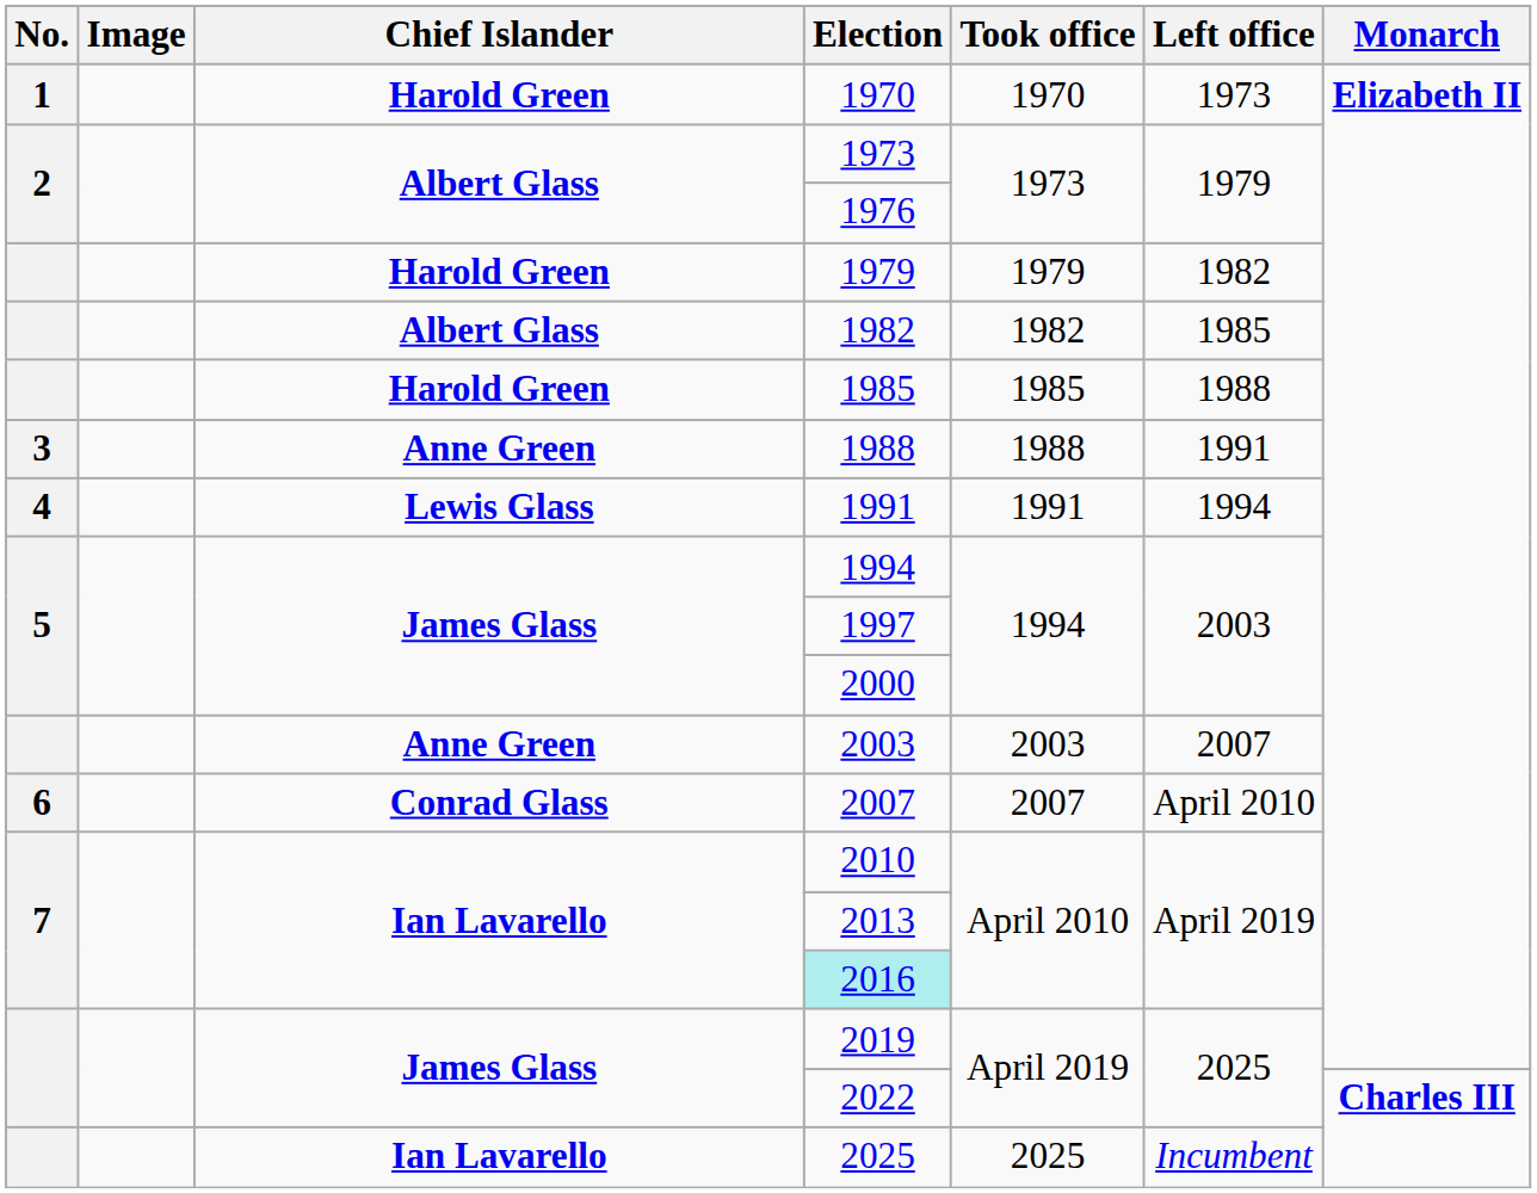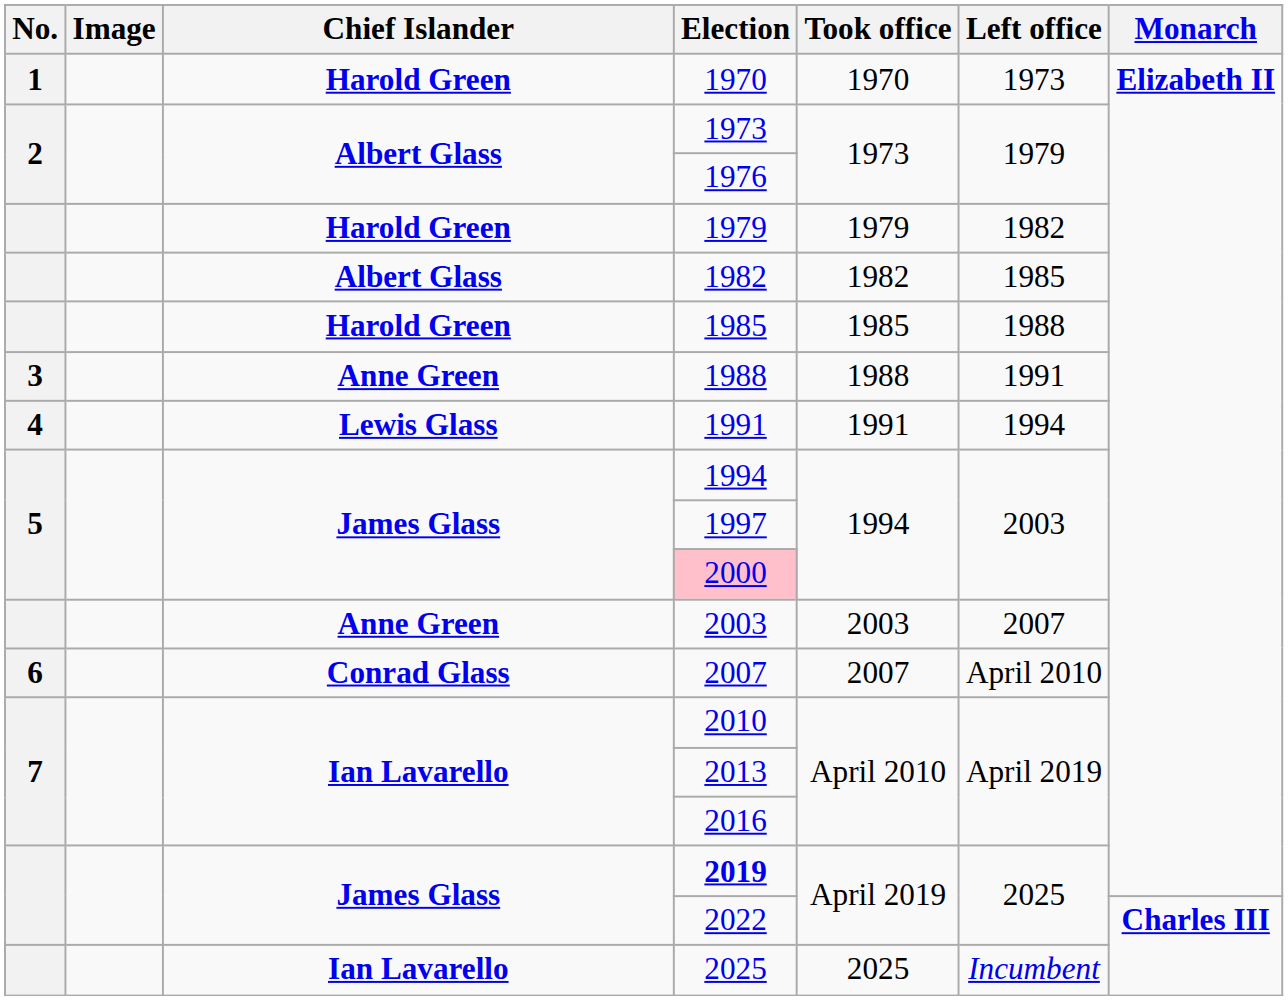 <table class="wikitable" style="text-align:center;">
 <tr>
 <th>No.</th>
 <th>Image</th>
 <th style="width:40%;">Chief Islander</th>
 <th>Election</th>
 <th>Took office</th>
 <th>Left office</th>
 <th><a href='#'>Monarch</a></th>
 </tr>
 <tr>
 <th>1</th>
 <td></td>
 <td><strong><a href='#'>Harold Green</a></strong><br></td>
 <td><a href='#'>1970</a></td>
 <td>1970</td>
 <td>1973</td>
 <td rowspan="17" style="vertical-align:top;"><strong><a href='#'>Elizabeth II</a></strong></td>
 </tr>
 <tr>
 <th rowspan="2">2</th>
 <td rowspan="2"></td>
 <td rowspan="2"><strong><a href='#'>Albert Glass</a></strong><br></td>
 <td><a href='#'>1973</a></td>
 <td rowspan="2">1973</td>
 <td rowspan="2">1979</td>
 </tr>
 <tr>
 <td><a href='#'>1976</a></td>
 </tr>
 <tr>
 <th></th>
 <td></td>
 <td><strong><a href='#'>Harold Green</a></strong><br></td>
 <td><a href='#'>1979</a></td>
 <td>1979</td>
 <td>1982</td>
 </tr>
 <tr>
 <th></th>
 <td></td>
 <td><strong><a href='#'>Albert Glass</a></strong><br></td>
 <td><a href='#'>1982</a></td>
 <td>1982</td>
 <td>1985</td>
 </tr>
 <tr>
 <th></th>
 <td></td>
 <td><strong><a href='#'>Harold Green</a></strong><br></td>
 <td><a href='#'>1985</a></td>
 <td>1985</td>
 <td>1988</td>
 </tr>
 <tr>
 <th>3</th>
 <td></td>
 <td><strong><a href='#'>Anne Green</a></strong><br></td>
 <td><a href='#'>1988</a></td>
 <td>1988</td>
 <td>1991</td>
 </tr>
 <tr>
 <th>4</th>
 <td></td>
 <td><strong><a href='#'>Lewis Glass</a></strong><br></td>
 <td><a href='#'>1991</a></td>
 <td>1991</td>
 <td>1994</td>
 </tr>
 <tr>
 <th rowspan="3">5</th>
 <td rowspan="3"></td>
 <td rowspan="3"><strong><a href='#'>James Glass</a></strong><br></td>
 <td><a href='#'>1994</a></td>
 <td rowspan="3">1994</td>
 <td rowspan="3">2003</td>
 </tr>
 <tr>
 <td><a href='#'>1997</a></td>
 </tr>
 <tr>
-<td><a href='#'>2000</a></td>
+<td style="background: pink;"><a href='#'>2000</a></td>
 </tr>
 <tr>
 <th></th>
 <td></td>
 <td><strong><a href='#'>Anne Green</a></strong><br></td>
 <td><a href='#'>2003</a></td>
 <td>2003</td>
 <td>2007</td>
 </tr>
 <tr>
 <th>6</th>
 <td></td>
 <td><strong><a href='#'>Conrad Glass</a></strong><br></td>
 <td><a href='#'>2007</a></td>
 <td>2007</td>
 <td>April 2010</td>
 </tr>
 <tr>
 <th rowspan="3">7</th>
 <td rowspan="3"></td>
 <td rowspan="3"><strong><a href='#'>Ian Lavarello</a></strong><br></td>
 <td><a href='#'>2010</a></td>
 <td rowspan="3">April 2010</td>
 <td rowspan="3">April 2019</td>
 </tr>
 <tr>
 <td><a href='#'>2013</a></td>
 </tr>
 <tr>
-<td style="background: paleturquoise;"><a href='#'>2016</a></td>
+<td><a href='#'>2016</a></td>
 </tr>
 <tr>
 <th rowspan="2"></th>
 <td rowspan="2"></td>
 <td rowspan="2"><strong><a href='#'>James Glass</a></strong><br></td>
-<td><a href='#'>2019</a></td>
+<td><strong><a href='#'>2019</a></strong></td>
 <td rowspan="2">April 2019</td>
 <td rowspan="2">2025</td>
 </tr>
 <tr>
 <td><a href='#'>2022</a></td>
 <td rowspan="2" style="vertical-align:top;"><strong><a href='#'>Charles III</a></strong></td>
 </tr>
 <tr>
 <th></th>
 <td></td>
 <td><strong><a href='#'>Ian Lavarello</a></strong><br></td>
 <td><a href='#'>2025</a></td>
 <td>2025</td>
 <td><em><a href='#'>Incumbent</a></em></td>
 </tr>
 </table>
